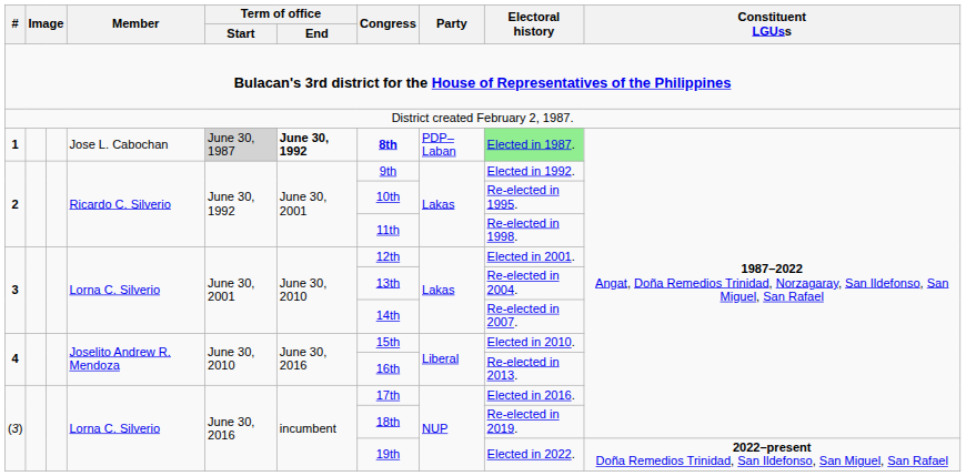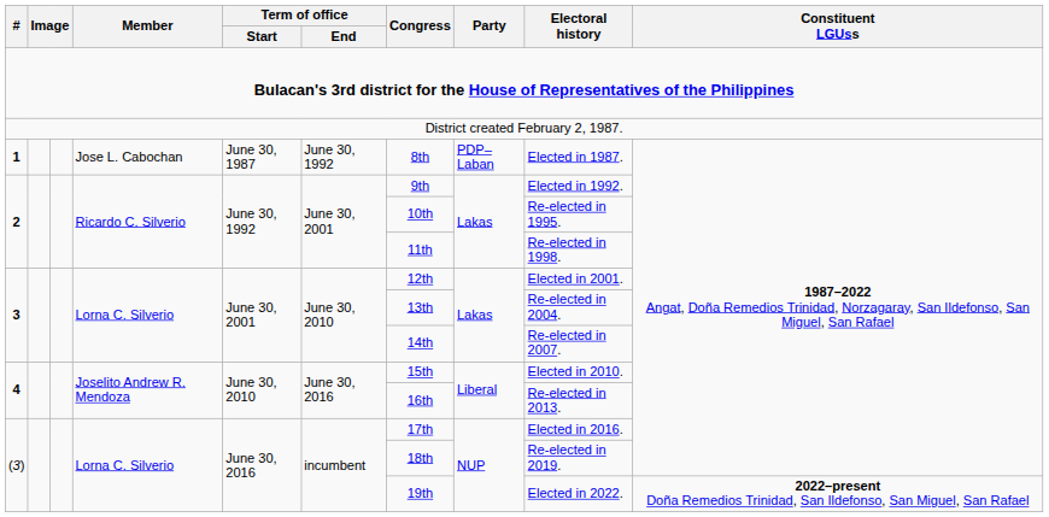 <table class=wikitable>
 <tr>
 <th rowspan="2">#</th>
 <th rowspan="2" colspan=2>Image</th>
 <th rowspan="2">Member</th>
 <th colspan=2>Term of office</th>
 <th rowspan="2">Congress</th>
 <th rowspan="2">Party</th>
 <th rowspan="2">Electoral history</th>
 <th rowspan="2">Constituent<br><a href='#'>LGUs</a>s</th>
 </tr>
 <tr>
 <th>Start</th>
 <th>End</th>
 </tr>
 <tr>
 <td colspan="10" style="text-align:center;"><br><h3>Bulacan's 3rd district for the <a href='#'>House of Representatives of the Philippines</a></h3></td>
 </tr>
 <tr>
 <td colspan="10" style="text-align:center;">District created February 2, 1987.</td>
 </tr>
 <tr>
 <td style="text-align:center;"><strong>1</strong></td>
 <td style="color:inherit;background:"></td>
 <td></td>
 <td>Jose L. Cabochan</td>
-<td style="background: lightgrey;">June 30, 1987</td>
-<td><strong>June 30, 1992</strong></td>
-<td style="text-align:center;"><strong><a href='#'>8th</a></strong></td>
+<td>June 30, 1987</td>
+<td>June 30, 1992</td>
+<td style="text-align:center;"><a href='#'>8th</a></td>
 <td><a href='#'>PDP–Laban</a></td>
-<td style="background: lightgreen;"><a href='#'>Elected in 1987</a>.</td>
+<td><a href='#'>Elected in 1987</a>.</td>
 <td rowspan="11" style="text-align:center;"><strong>1987–2022</strong><br><a href='#'>Angat</a>, <a href='#'>Doña Remedios Trinidad</a>, <a href='#'>Norzagaray</a>, <a href='#'>San Ildefonso</a>, <a href='#'>San Miguel</a>, <a href='#'>San Rafael</a></td>
 </tr>
 <tr>
 <td rowspan="3" style="text-align:center;"><strong>2</strong></td>
 <td rowspan="3" style="color:inherit;background:"></td>
 <td rowspan="3"></td>
 <td rowspan="3"><a href='#'>Ricardo C. Silverio</a></td>
 <td rowspan="3">June 30, 1992</td>
 <td rowspan="3">June 30, 2001</td>
 <td style="text-align:center;"><a href='#'>9th</a></td>
 <td rowspan="3"><a href='#'>Lakas</a></td>
 <td><a href='#'>Elected in 1992</a>.</td>
 </tr>
 <tr>
 <td style="text-align:center;"><a href='#'>10th</a></td>
 <td><a href='#'>Re-elected in 1995</a>.</td>
 </tr>
 <tr>
 <td style="text-align:center;"><a href='#'>11th</a></td>
 <td><a href='#'>Re-elected in 1998</a>.</td>
 </tr>
 <tr>
 <td rowspan="3" style="text-align:center;"><strong>3</strong></td>
 <td rowspan="3" style="color:inherit;background:"></td>
 <td rowspan="3"></td>
 <td rowspan="3"><a href='#'>Lorna C. Silverio</a></td>
 <td rowspan="3">June 30, 2001</td>
 <td rowspan="3">June 30, 2010</td>
 <td style="text-align:center;"><a href='#'>12th</a></td>
 <td rowspan="3"><a href='#'>Lakas</a></td>
 <td><a href='#'>Elected in 2001</a>.</td>
 </tr>
 <tr>
 <td style="text-align:center;"><a href='#'>13th</a></td>
 <td><a href='#'>Re-elected in 2004</a>.</td>
 </tr>
 <tr>
 <td style="text-align:center;"><a href='#'>14th</a></td>
 <td><a href='#'>Re-elected in 2007</a>.</td>
 </tr>
 <tr>
 <td rowspan="2" style="text-align:center;"><strong>4</strong></td>
 <td rowspan="2" style="color:inherit;background:"></td>
 <td rowspan="2"></td>
 <td rowspan="2"><a href='#'>Joselito Andrew R. Mendoza</a></td>
 <td rowspan="2">June 30, 2010</td>
 <td rowspan="2">June 30, 2016</td>
 <td style="text-align:center;"><a href='#'>15th</a></td>
 <td rowspan="2"><a href='#'>Liberal</a></td>
 <td><a href='#'>Elected in 2010</a>.</td>
 </tr>
 <tr>
 <td style="text-align:center;"><a href='#'>16th</a></td>
 <td><a href='#'>Re-elected in 2013</a>.</td>
 </tr>
 <tr>
 <td rowspan="3" style="text-align:center;">(<em>3</em>)</td>
 <td rowspan="3" style="color:inherit;background:"></td>
 <td rowspan="3"></td>
 <td rowspan="3"><a href='#'>Lorna C. Silverio</a></td>
 <td rowspan="3">June 30, 2016</td>
 <td rowspan="3">incumbent</td>
 <td style="text-align:center;"><a href='#'>17th</a></td>
 <td rowspan="3"><a href='#'>NUP</a></td>
 <td><a href='#'>Elected in 2016</a>.</td>
 </tr>
 <tr>
 <td style="text-align:center;"><a href='#'>18th</a></td>
 <td><a href='#'>Re-elected in 2019</a>.</td>
 </tr>
 <tr>
 <td style="text-align:center;"><a href='#'>19th</a></td>
 <td><a href='#'>Elected in 2022</a>.</td>
 <td rowspan="11" style="text-align:center;"><strong>2022–present</strong><br><a href='#'>Doña Remedios Trinidad</a>, <a href='#'>San Ildefonso</a>, <a href='#'>San Miguel</a>, <a href='#'>San Rafael</a></td>
 </tr>
 </table>
